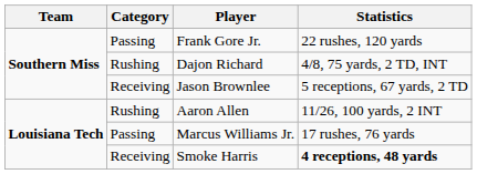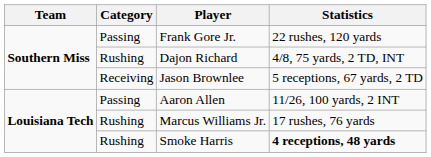 <table class="wikitable" style="float: left;">
 <tr>
 <th>Team</th>
 <th>Category</th>
 <th>Player</th>
 <th>Statistics</th>
 </tr>
 <tr>
 <td rowspan=3><strong>Southern Miss</strong></td>
 <td>Passing</td>
 <td>Frank Gore Jr.</td>
 <td>22 rushes, 120 yards</td>
 </tr>
 <tr>
 <td>Rushing</td>
 <td>Dajon Richard</td>
 <td>4/8, 75 yards, 2 TD, INT</td>
 </tr>
 <tr>
 <td>Receiving</td>
 <td>Jason Brownlee</td>
 <td>5 receptions, 67 yards, 2 TD</td>
 </tr>
 <tr>
 <td rowspan=3><strong>Louisiana Tech</strong></td>
-<td>Rushing</td>
+<td>Passing</td>
 <td>Aaron Allen</td>
 <td>11/26, 100 yards, 2 INT</td>
 </tr>
 <tr>
-<td>Passing</td>
+<td>Rushing</td>
 <td>Marcus Williams Jr.</td>
 <td>17 rushes, 76 yards</td>
 </tr>
 <tr>
-<td>Receiving</td>
+<td>Rushing</td>
 <td>Smoke Harris</td>
 <td><strong>4 receptions, 48 yards</strong></td>
 </tr>
 </table>
